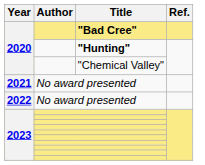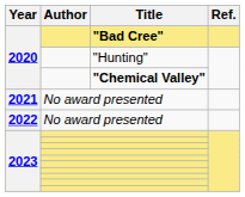 <table class="wikitable sortable mw-collapsible">
 <tr>
 <th>Year</th>
 <th>Author</th>
 <th>Title</th>
 <th>Ref.</th>
 </tr>
 <tr style="background:#FAEB86">
 <th rowspan="3"><a href='#'>2020</a></th>
 <td><strong></strong></td>
 <td><strong>"Bad Cree"</strong></td>
 <td></td>
 </tr>
 <tr>
 <td></td>
-<td><strong>"Hunting"</strong></td>
+<td>"Hunting"</td>
 <td rowspan=2></td>
 </tr>
 <tr>
 <td></td>
-<td>"Chemical Valley"</td>
+<td><strong>"Chemical Valley"</strong></td>
 </tr>
 <tr>
 <th><a href='#'>2021</a></th>
 <td colspan=2><em>No award presented</em></td>
 <td></td>
 </tr>
 <tr>
 <th><a href='#'>2022</a></th>
 <td colspan=2><em>No award presented</em></td>
 <td></td>
 </tr>
 <tr style="background:#FAEB86">
 <th rowspan="10"><a href='#'>2023</a></th>
 <td colspan=2><strong></strong></td>
 <td rowspan=10></td>
 </tr>
 <tr style="background:#FAEB86">
 <td colspan=2><strong></strong></td>
 </tr>
 <tr style="background:#FAEB86">
 <td colspan=2><strong></strong></td>
 </tr>
 <tr style="background:#FAEB86">
 <td colspan=2><strong></strong></td>
 </tr>
 <tr style="background:#FAEB86">
 <td colspan=2><strong></strong></td>
 </tr>
 <tr style="background:#FAEB86">
 <td colspan=2><strong></strong></td>
 </tr>
 <tr style="background:#FAEB86">
 <td colspan=2><strong></strong></td>
 </tr>
 <tr style="background:#FAEB86">
 <td colspan=2><strong></strong></td>
 </tr>
 <tr style="background:#FAEB86">
 <td colspan=2><strong></strong></td>
 </tr>
 <tr style="background:#FAEB86">
 <td colspan=2><strong></strong></td>
 </tr>
 </table>
